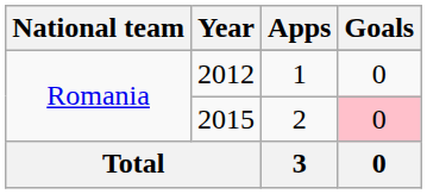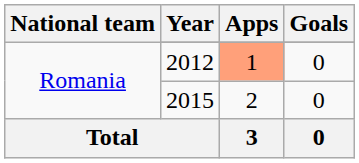 <table class="wikitable" style="text-align: center;">
 <tr>
 <th>National team</th>
 <th>Year</th>
 <th>Apps</th>
 <th>Goals</th>
 </tr>
 <tr>
 <td rowspan="3"><a href='#'>Romania</a></td>
 </tr>
 <tr>
 <td>2012</td>
-<td>1</td>
+<td style="background: lightsalmon;">1</td>
 <td>0</td>
 </tr>
 <tr>
 <td>2015</td>
 <td>2</td>
-<td style="background: pink;">0</td>
+<td>0</td>
 </tr>
 <tr>
 <th colspan="2">Total</th>
 <th>3</th>
 <th>0</th>
 </tr>
 </table>
